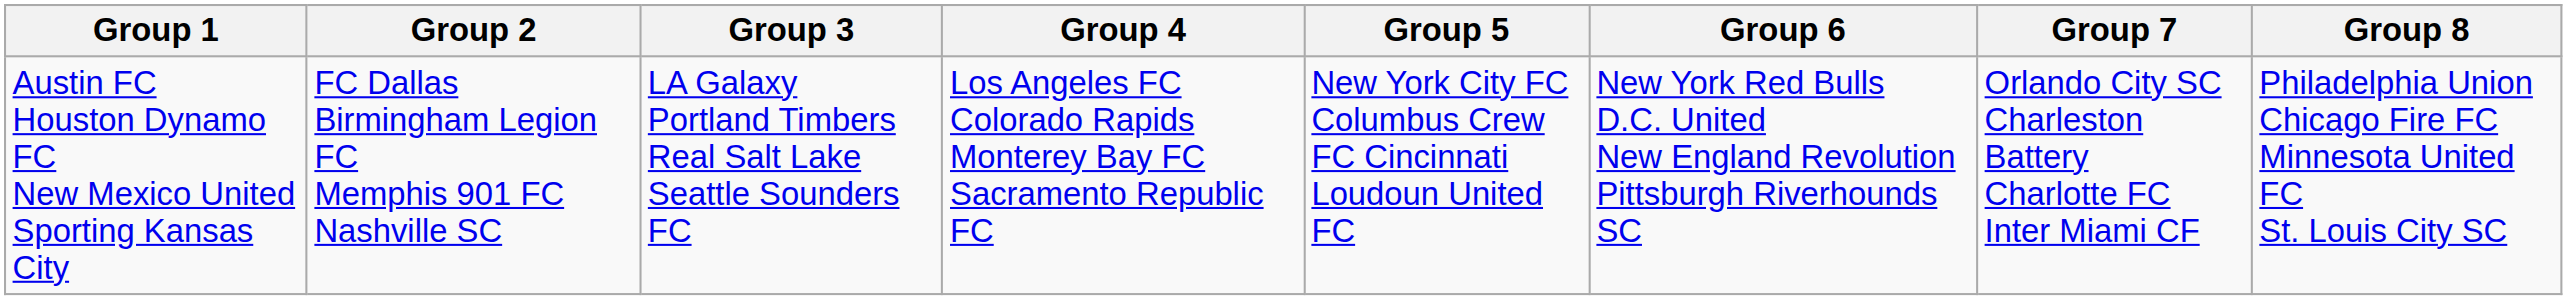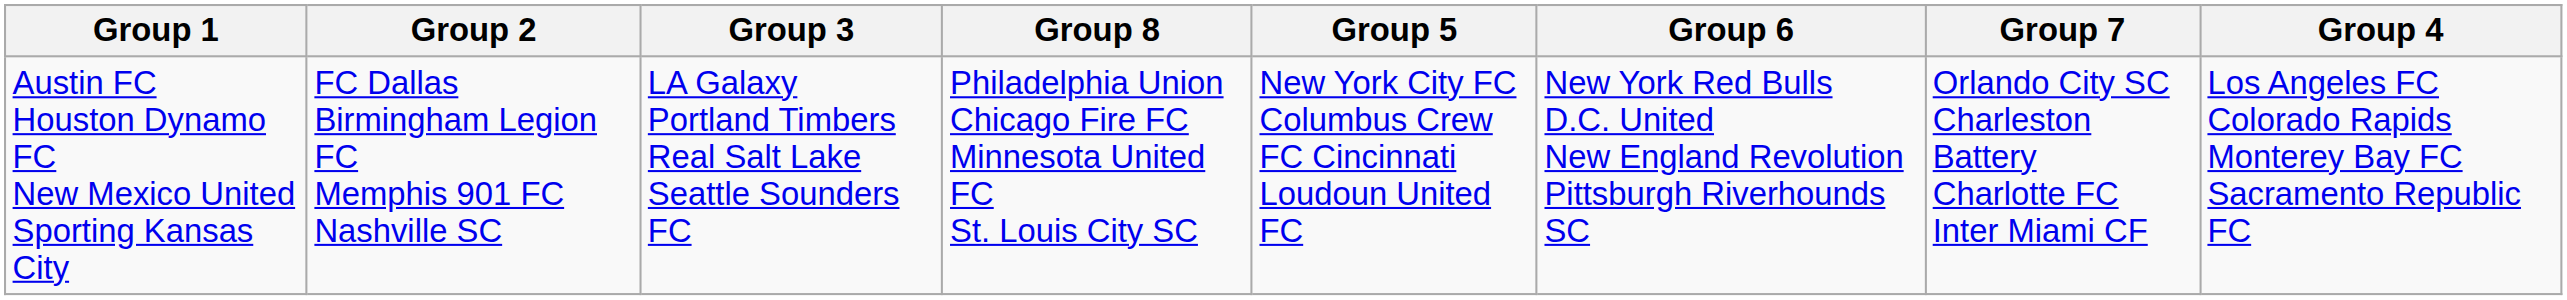 <table class="wikitable">
 <tr>
 <th>Group 1</th>
 <th>Group 2</th>
 <th>Group 3</th>
-<th>Group 4</th>
+<th>Group 8</th>
 <th>Group 5</th>
 <th>Group 6</th>
 <th>Group 7</th>
-<th>Group 8</th>
+<th>Group 4</th>
 </tr>
 <tr valign="top">
 <td><a href='#'>Austin FC</a> <br> <a href='#'>Houston Dynamo FC</a>  <br> <a href='#'>New Mexico United</a> <br> <a href='#'>Sporting Kansas City</a></td>
 <td><a href='#'>FC Dallas</a> <br> <a href='#'>Birmingham Legion FC</a> <br> <a href='#'>Memphis 901 FC</a><br> <a href='#'>Nashville SC</a></td>
 <td><a href='#'>LA Galaxy</a> <br> <a href='#'>Portland Timbers</a> <br> <a href='#'>Real Salt Lake</a> <br> <a href='#'>Seattle Sounders FC</a></td>
-<td><a href='#'>Los Angeles FC</a> <br> <a href='#'>Colorado Rapids</a> <br> <a href='#'>Monterey Bay FC</a> <br> <a href='#'>Sacramento Republic FC</a> <br></td>
+<td><a href='#'>Philadelphia Union</a> <br> <a href='#'>Chicago Fire FC</a> <br> <a href='#'>Minnesota United FC</a> <br> <a href='#'>St. Louis City SC</a></td>
 <td><a href='#'>New York City FC</a> <br> <a href='#'>Columbus Crew</a> <br> <a href='#'>FC Cincinnati</a> <br> <a href='#'>Loudoun United FC</a> <br></td>
 <td><a href='#'>New York Red Bulls</a> <br> <a href='#'>D.C. United</a> <br> <a href='#'>New England Revolution</a> <br> <a href='#'>Pittsburgh Riverhounds SC</a></td>
 <td><a href='#'>Orlando City SC</a> <br> <a href='#'>Charleston Battery</a> <br> <a href='#'>Charlotte FC</a> <br> <a href='#'>Inter Miami CF</a></td>
-<td><a href='#'>Philadelphia Union</a> <br> <a href='#'>Chicago Fire FC</a> <br> <a href='#'>Minnesota United FC</a> <br> <a href='#'>St. Louis City SC</a></td>
+<td><a href='#'>Los Angeles FC</a> <br> <a href='#'>Colorado Rapids</a> <br> <a href='#'>Monterey Bay FC</a> <br> <a href='#'>Sacramento Republic FC</a> <br></td>
 </tr>
 </table>
